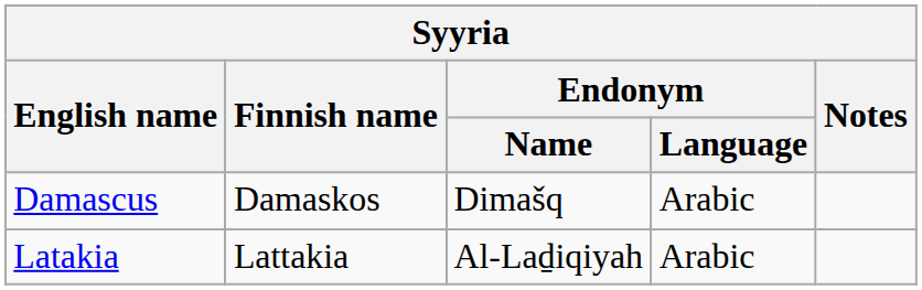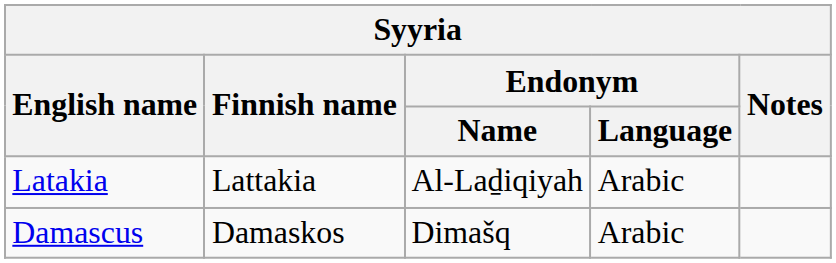 <table class="wikitable sortable">
 <tr>
 <th colspan="5"> Syyria</th>
 </tr>
 <tr>
 <th rowspan="2">English name</th>
 <th rowspan="2">Finnish name</th>
 <th colspan="2">Endonym</th>
 <th rowspan="2">Notes</th>
 </tr>
 <tr>
 <th>Name</th>
 <th>Language</th>
 </tr>
 <tr>
+<td><a href='#'>Latakia</a></td>
+<td>Lattakia</td>
+<td>Al-Laḏiqiyah</td>
+<td>Arabic</td>
+<td></td>
+</tr>
+<tr>
 <td><a href='#'>Damascus</a></td>
 <td>Damaskos</td>
 <td>Dimašq</td>
 <td>Arabic</td>
 <td></td>
 </tr>
-<tr>
-<td><a href='#'>Latakia</a></td>
-<td>Lattakia</td>
-<td>Al-Laḏiqiyah</td>
-<td>Arabic</td>
-<td></td>
-</tr>
 </table>
